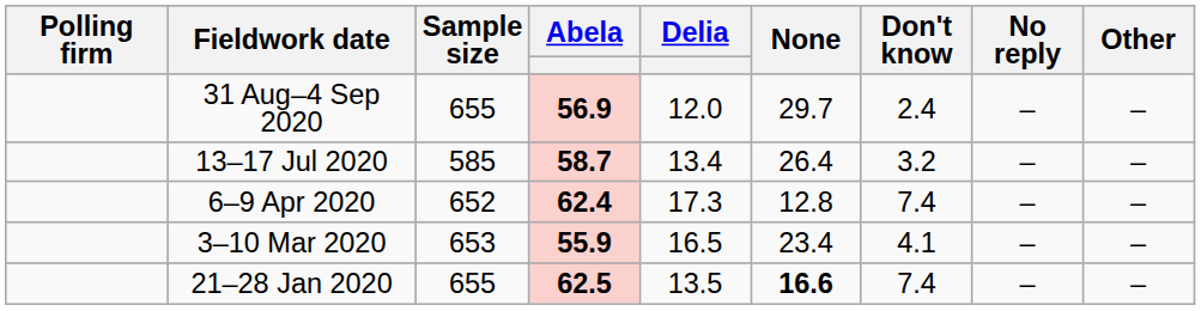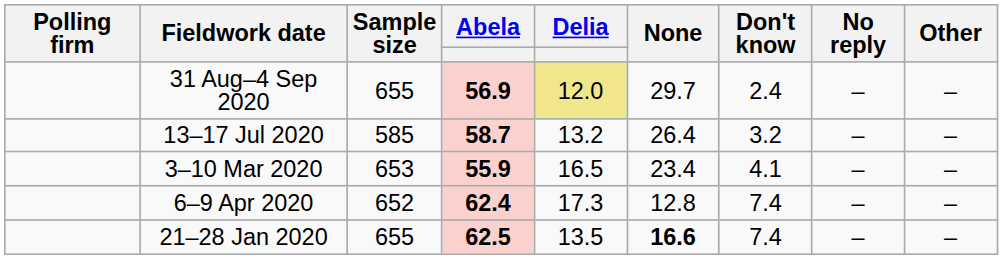 <table class="wikitable sortable" style="text-align:center;font-size:90%;line-height:14px;">
 <tr>
 <th rowspan="2">Polling firm</th>
 <th rowspan="2">Fieldwork date</th>
 <th rowspan="2">Sample<br>size</th>
 <th class="unsortable" style="width:50px;"><a href='#'>Abela</a><br></th>
 <th class="unsortable" style="width:50px;"><a href='#'>Delia</a><br></th>
 <th class="unsortable" style="width:50px;" rowspan="2"> None</th>
 <th class="unsortable" style="width:50px;" rowspan="2">Don't know</th>
 <th class="unsortable" style="width:50px;" rowspan="2">No reply</th>
 <th class="unsortable" style="width:50px;" rowspan="2">Other</th>
 </tr>
 <tr>
 <th style="background:"></th>
 <th style="background:"></th>
 </tr>
 <tr>
 <td></td>
 <td data-sort-value="2020-09-04">31 Aug–4 Sep 2020</td>
 <td>655</td>
 <td style="background:#FBD1CE;"><strong>56.9</strong></td>
-<td>12.0</td>
+<td style="background: khaki;">12.0</td>
 <td>29.7</td>
 <td>2.4</td>
 <td>–</td>
 <td>–</td>
 </tr>
 <tr>
 <td></td>
 <td data-sort-value="2020-07-17">13–17 Jul 2020</td>
 <td>585</td>
 <td style="background:#FBD1CE;"><strong>58.7</strong></td>
-<td>13.4</td>
+<td>13.2</td>
 <td>26.4</td>
 <td>3.2</td>
+<td>–</td>
+<td>–</td>
+</tr>
+<tr>
+<td></td>
+<td data-sort-value="2020-03-10">3–10 Mar 2020</td>
+<td>653</td>
+<td style="background:#FBD1CE;"><strong>55.9</strong></td>
+<td>16.5</td>
+<td>23.4</td>
+<td>4.1</td>
 <td>–</td>
 <td>–</td>
 </tr>
 <tr>
 <td></td>
 <td data-sort-value="2020-04-09">6–9 Apr 2020</td>
 <td>652</td>
 <td style="background:#FBD1CE;"><strong>62.4</strong></td>
 <td>17.3</td>
 <td>12.8</td>
 <td>7.4</td>
 <td>–</td>
 <td>–</td>
 </tr>
 <tr>
 <td></td>
-<td data-sort-value="2020-03-10">3–10 Mar 2020</td>
-<td>653</td>
-<td style="background:#FBD1CE;"><strong>55.9</strong></td>
-<td>16.5</td>
-<td>23.4</td>
-<td>4.1</td>
-<td>–</td>
-<td>–</td>
-</tr>
-<tr>
-<td></td>
 <td data-sort-value="2020-01-28">21–28 Jan 2020</td>
 <td>655</td>
 <td style="background:#FBD1CE;"><strong>62.5</strong></td>
 <td>13.5</td>
 <td><strong>16.6</strong></td>
 <td>7.4</td>
 <td>–</td>
 <td>–</td>
 </tr>
 </table>
